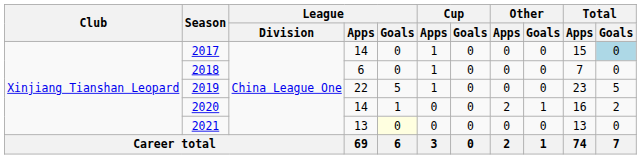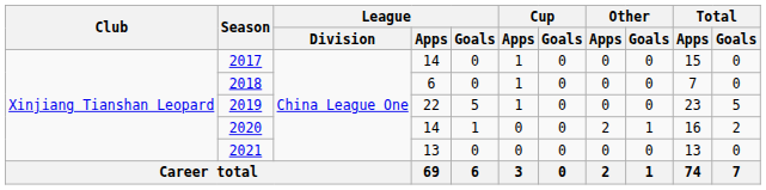 <table class="wikitable" style="text-align: center">
 <tr>
 <th rowspan="2">Club</th>
 <th rowspan="2">Season</th>
 <th colspan="3">League</th>
 <th colspan="2">Cup</th>
 <th colspan="2">Other</th>
 <th colspan="2">Total</th>
 </tr>
 <tr>
 <th>Division</th>
 <th>Apps</th>
 <th>Goals</th>
 <th>Apps</th>
 <th>Goals</th>
 <th>Apps</th>
 <th>Goals</th>
 <th>Apps</th>
 <th>Goals</th>
 </tr>
 <tr>
 <td rowspan="5"><a href='#'>Xinjiang Tianshan Leopard</a></td>
 <td><a href='#'>2017</a></td>
 <td rowspan="5"><a href='#'>China League One</a></td>
 <td>14</td>
 <td>0</td>
 <td>1</td>
 <td>0</td>
 <td>0</td>
 <td>0</td>
 <td>15</td>
-<td style="background: lightblue;">0</td>
+<td>0</td>
 </tr>
 <tr>
 <td><a href='#'>2018</a></td>
 <td>6</td>
 <td>0</td>
 <td>1</td>
 <td>0</td>
 <td>0</td>
 <td>0</td>
 <td>7</td>
 <td>0</td>
 </tr>
 <tr>
 <td><a href='#'>2019</a></td>
 <td>22</td>
 <td>5</td>
 <td>1</td>
 <td>0</td>
 <td>0</td>
 <td>0</td>
 <td>23</td>
 <td>5</td>
 </tr>
 <tr>
 <td><a href='#'>2020</a></td>
 <td>14</td>
 <td>1</td>
 <td>0</td>
 <td>0</td>
 <td>2</td>
 <td>1</td>
 <td>16</td>
 <td>2</td>
 </tr>
 <tr>
 <td><a href='#'>2021</a></td>
 <td>13</td>
-<td style="background: lightyellow;">0</td>
+<td>0</td>
 <td>0</td>
 <td>0</td>
 <td>0</td>
 <td>0</td>
 <td>13</td>
 <td>0</td>
 </tr>
 <tr>
 <th colspan=3>Career total</th>
 <th>69</th>
 <th>6</th>
 <th>3</th>
 <th>0</th>
 <th>2</th>
 <th>1</th>
 <th>74</th>
 <th>7</th>
 </tr>
 </table>
